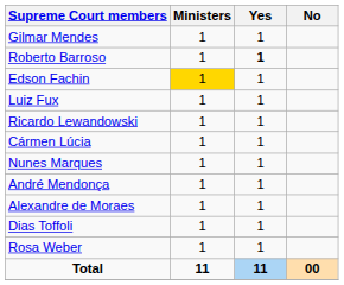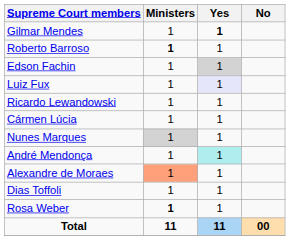 <table class="wikitable">
 <tr>
 <th><a href='#'>Supreme Court members</a></th>
 <th width="55pt">Ministers</th>
 <th width="55pt">Yes</th>
 <th width="55pt">No</th>
 </tr>
 <tr>
 <td align="left"><a href='#'>Gilmar Mendes</a></td>
 <td align="center">1</td>
+<td align="center"><strong>1</strong></td>
+<td align="center"></td>
+</tr>
+<tr>
+<td align="left"><a href='#'>Roberto Barroso</a></td>
+<td align="center"><strong>1</strong></td>
 <td align="center">1</td>
 <td align="center"></td>
 </tr>
 <tr>
-<td align="left"><a href='#'>Roberto Barroso</a></td>
+<td align="left"><a href='#'>Edson Fachin</a></td>
 <td align="center">1</td>
-<td align="center"><strong>1</strong></td>
-<td align="center"></td>
-</tr>
-<tr>
-<td align="left"><a href='#'>Edson Fachin</a></td>
-<td align="center" style="background: gold;">1</td>
-<td align="center">1</td>
+<td align="center" style="background: lightgrey;">1</td>
 <td align="center"></td>
 </tr>
 <tr>
 <td align="left"><a href='#'>Luiz Fux</a></td>
 <td align="center">1</td>
-<td align="center">1</td>
+<td align="center" style="background: lavender;">1</td>
 <td align="center"></td>
 </tr>
 <tr>
 <td align="left"><a href='#'>Ricardo Lewandowski</a></td>
 <td align="center">1</td>
 <td align="center">1</td>
 <td align="center"></td>
 </tr>
 <tr>
 <td align="left"><a href='#'>Cármen Lúcia</a></td>
 <td align="center">1</td>
 <td align="center">1</td>
 <td align="center"></td>
 </tr>
 <tr>
 <td align="left"><a href='#'>Nunes Marques</a></td>
-<td align="center">1</td>
+<td align="center" style="background: lightgrey;">1</td>
 <td align="center">1</td>
 <td align="center"></td>
 </tr>
 <tr>
 <td align="left"><a href='#'>André Mendonça</a></td>
 <td align="center">1</td>
-<td align="center">1</td>
+<td align="center" style="background: paleturquoise;">1</td>
 <td align="center"></td>
 </tr>
 <tr>
 <td align="left"><a href='#'>Alexandre de Moraes</a></td>
-<td align="center">1</td>
+<td align="center" style="background: lightsalmon;">1</td>
 <td align="center">1</td>
 <td align="center"></td>
 </tr>
 <tr>
 <td align="left"><a href='#'>Dias Toffoli</a></td>
 <td align="center">1</td>
 <td align="center">1</td>
 <td align="center"></td>
 </tr>
 <tr>
 <td align="left"><a href='#'>Rosa Weber</a></td>
-<td align="center">1</td>
+<td align="center"><strong>1</strong></td>
 <td align="center">1</td>
 <td align="center"></td>
 </tr>
 <tr>
 <td align="center"><strong>Total</strong></td>
 <td align="center"><strong>11</strong></td>
 <td align="center" bgcolor="#abd5f5"><strong>11</strong></td>
 <td align="center" bgcolor="#FFDEAD"><strong>00</strong></td>
 </tr>
 <tr>
 </tr>
 </table>
